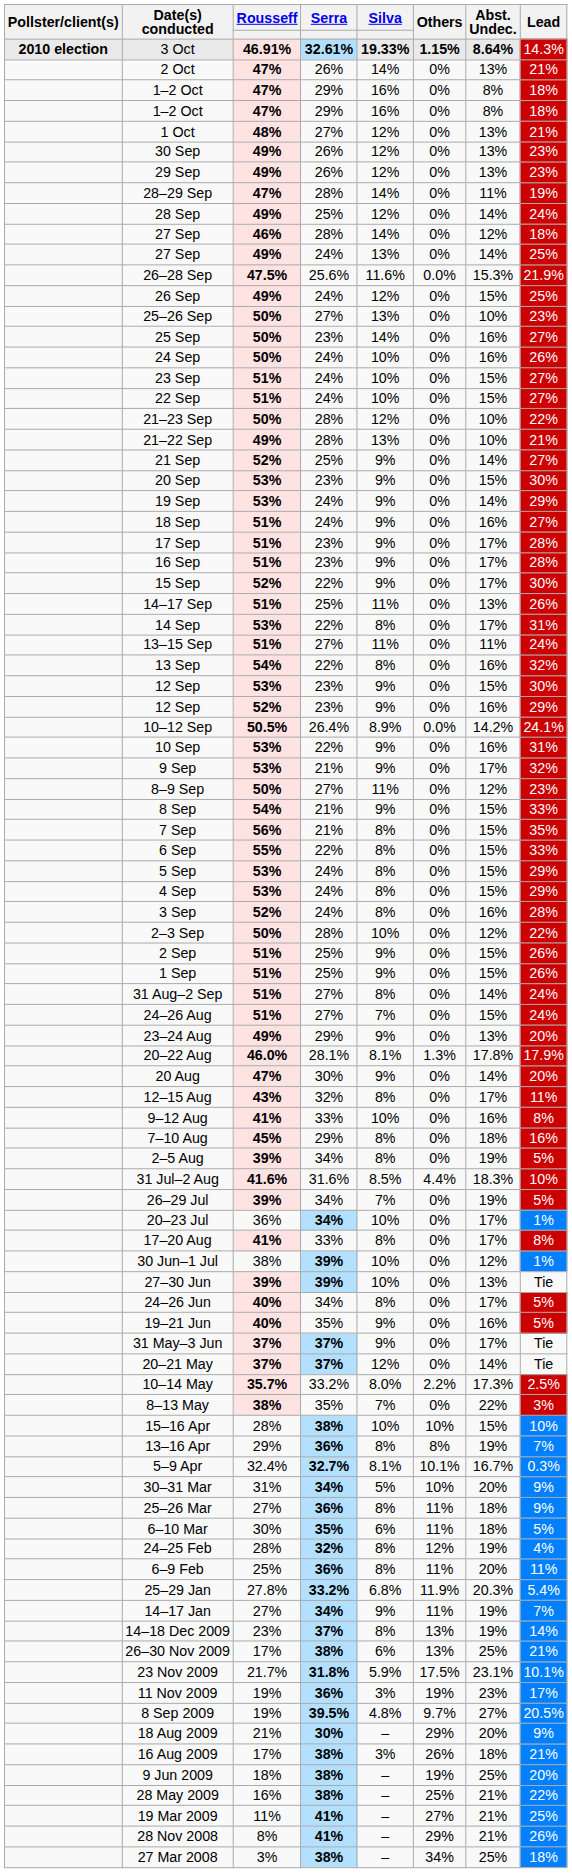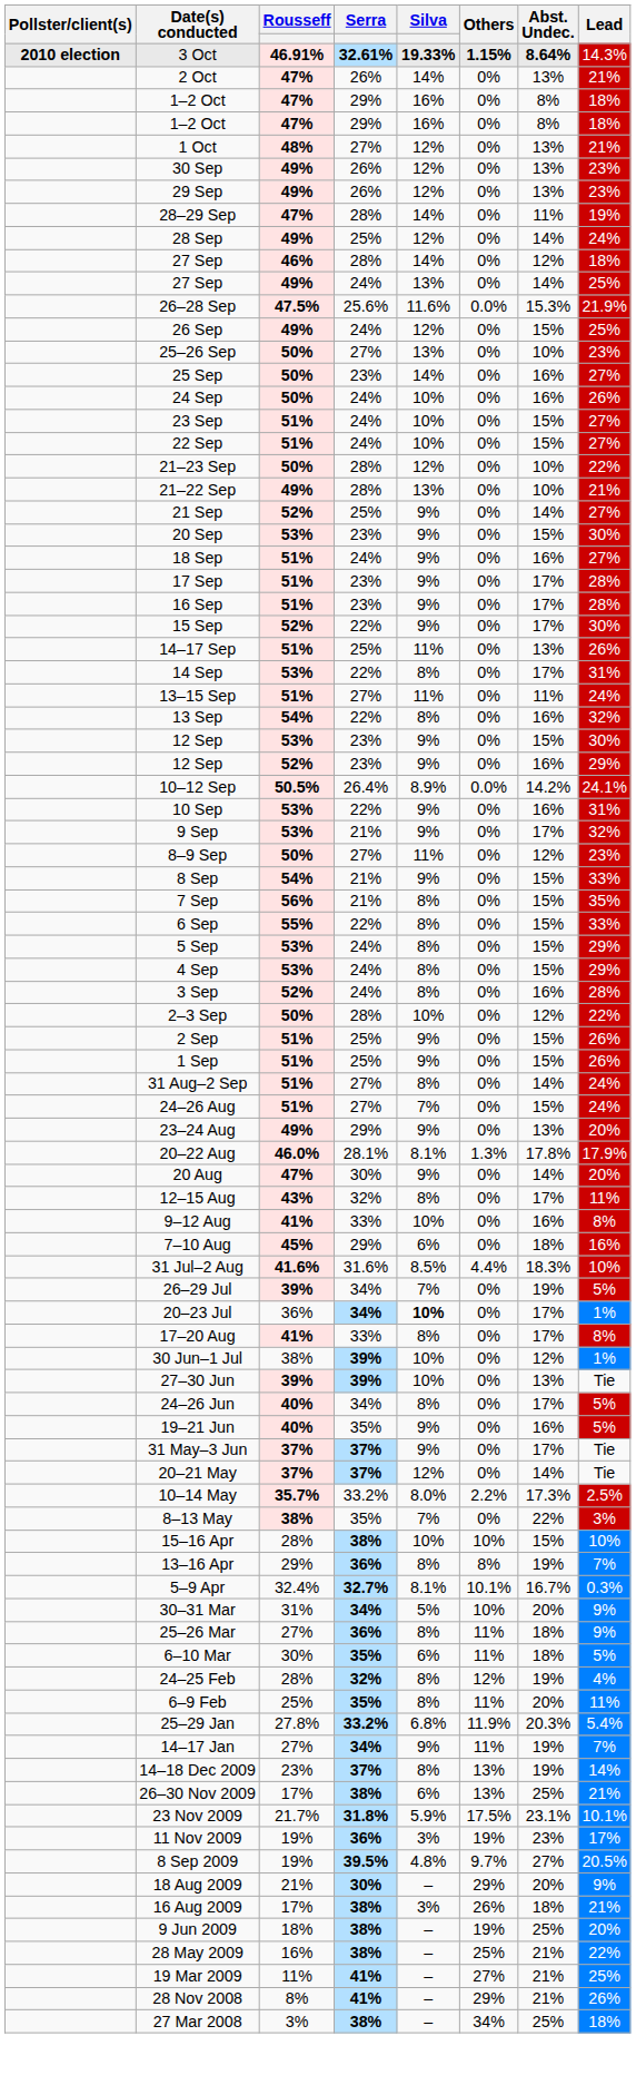 <table class="wikitable sortable" style="text-align:center;font-size:90%;line-height:14px;">
 <tr>
 <th rowspan="2">Pollster/client(s)</th>
 <th rowspan="2">Date(s)<br>conducted</th>
 <th class="unsortable" style="width:50px;"><a href='#'>Rousseff</a><br></th>
 <th class="unsortable" style="width:50px;"><a href='#'>Serra</a><br></th>
 <th class="unsortable" style="width:50px;"><a href='#'>Silva</a><br></th>
 <th rowspan="2" class="unsortable">Others</th>
 <th rowspan="2" class="unsortable">Abst.<br>Undec.</th>
 <th rowspan="2" data-sort-type="number">Lead</th>
 </tr>
 <tr>
 <th data-sort-type="number" class="sortable" style="background:"></th>
 <th data-sort-type="number" class="sortable" style="background:"></th>
 <th data-sort-type="number" class="sortable" style="background:"></th>
 </tr>
 <tr style="background:#E9E9E9;">
 <td><strong>2010 election</strong></td>
 <td>3 Oct</td>
 <td style="background:#FFE3E3"><strong>46.91%</strong></td>
 <td style="background:#B3E0FF"><strong>32.61%</strong></td>
 <td><strong>19.33%</strong></td>
 <td><strong>1.15%</strong></td>
 <td><strong>8.64%</strong></td>
 <td style="background:#CC0000;color:#FFFFFF;">14.3%</td>
 </tr>
 <tr>
 <td></td>
 <td>2 Oct</td>
 <td style="background:#FFE3E3"><strong>47%</strong></td>
 <td>26%</td>
 <td>14%</td>
 <td>0%</td>
 <td>13%</td>
 <td style="background:#CC0000;color:#FFFFFF;">21%</td>
 </tr>
 <tr>
 <td></td>
 <td>1–2 Oct</td>
 <td style="background:#FFE3E3"><strong>47%</strong></td>
 <td>29%</td>
 <td>16%</td>
 <td>0%</td>
 <td>8%</td>
 <td style="background:#CC0000;color:#FFFFFF;">18%</td>
 </tr>
 <tr>
 <td></td>
 <td>1–2 Oct</td>
 <td style="background:#FFE3E3"><strong>47%</strong></td>
 <td>29%</td>
 <td>16%</td>
 <td>0%</td>
 <td>8%</td>
 <td style="background:#CC0000;color:#FFFFFF;">18%</td>
 </tr>
 <tr>
 <td></td>
 <td>1 Oct</td>
 <td style="background:#FFE3E3"><strong>48%</strong></td>
 <td>27%</td>
 <td>12%</td>
 <td>0%</td>
 <td>13%</td>
 <td style="background:#CC0000;color:#FFFFFF;">21%</td>
 </tr>
 <tr>
 <td></td>
 <td>30 Sep</td>
 <td style="background:#FFE3E3"><strong>49%</strong></td>
 <td>26%</td>
 <td>12%</td>
 <td>0%</td>
 <td>13%</td>
 <td style="background:#CC0000;color:#FFFFFF;">23%</td>
 </tr>
 <tr>
 <td></td>
 <td>29 Sep</td>
 <td style="background:#FFE3E3"><strong>49%</strong></td>
 <td>26%</td>
 <td>12%</td>
 <td>0%</td>
 <td>13%</td>
 <td style="background:#CC0000;color:#FFFFFF;">23%</td>
 </tr>
 <tr>
 <td></td>
 <td>28–29 Sep</td>
 <td style="background:#FFE3E3"><strong>47%</strong></td>
 <td>28%</td>
 <td>14%</td>
 <td>0%</td>
 <td>11%</td>
 <td style="background:#CC0000;color:#FFFFFF;">19%</td>
 </tr>
 <tr>
 <td></td>
 <td>28 Sep</td>
 <td style="background:#FFE3E3"><strong>49%</strong></td>
 <td>25%</td>
 <td>12%</td>
 <td>0%</td>
 <td>14%</td>
 <td style="background:#CC0000;color:#FFFFFF;">24%</td>
 </tr>
 <tr>
 <td></td>
 <td>27 Sep</td>
 <td style="background:#FFE3E3"><strong>46%</strong></td>
 <td>28%</td>
 <td>14%</td>
 <td>0%</td>
 <td>12%</td>
 <td style="background:#CC0000;color:#FFFFFF;">18%</td>
 </tr>
 <tr>
 <td></td>
 <td>27 Sep</td>
 <td style="background:#FFE3E3"><strong>49%</strong></td>
 <td>24%</td>
 <td>13%</td>
 <td>0%</td>
 <td>14%</td>
 <td style="background:#CC0000;color:#FFFFFF;">25%</td>
 </tr>
 <tr>
 <td></td>
 <td>26–28 Sep</td>
 <td style="background:#FFE3E3"><strong>47.5%</strong></td>
 <td>25.6%</td>
 <td>11.6%</td>
 <td>0.0%</td>
 <td>15.3%</td>
 <td style="background:#CC0000;color:#FFFFFF;">21.9%</td>
 </tr>
 <tr>
 <td></td>
 <td>26 Sep</td>
 <td style="background:#FFE3E3"><strong>49%</strong></td>
 <td>24%</td>
 <td>12%</td>
 <td>0%</td>
 <td>15%</td>
 <td style="background:#CC0000;color:#FFFFFF;">25%</td>
 </tr>
 <tr>
 <td></td>
 <td>25–26 Sep</td>
 <td style="background:#FFE3E3"><strong>50%</strong></td>
 <td>27%</td>
 <td>13%</td>
 <td>0%</td>
 <td>10%</td>
 <td style="background:#CC0000;color:#FFFFFF;">23%</td>
 </tr>
 <tr>
 <td></td>
 <td>25 Sep</td>
 <td style="background:#FFE3E3"><strong>50%</strong></td>
 <td>23%</td>
 <td>14%</td>
 <td>0%</td>
 <td>16%</td>
 <td style="background:#CC0000;color:#FFFFFF;">27%</td>
 </tr>
 <tr>
 <td></td>
 <td>24 Sep</td>
 <td style="background:#FFE3E3"><strong>50%</strong></td>
 <td>24%</td>
 <td>10%</td>
 <td>0%</td>
 <td>16%</td>
 <td style="background:#CC0000;color:#FFFFFF;">26%</td>
 </tr>
 <tr>
 <td></td>
 <td>23 Sep</td>
 <td style="background:#FFE3E3"><strong>51%</strong></td>
 <td>24%</td>
 <td>10%</td>
 <td>0%</td>
 <td>15%</td>
 <td style="background:#CC0000;color:#FFFFFF;">27%</td>
 </tr>
 <tr>
 <td></td>
 <td>22 Sep</td>
 <td style="background:#FFE3E3"><strong>51%</strong></td>
 <td>24%</td>
 <td>10%</td>
 <td>0%</td>
 <td>15%</td>
 <td style="background:#CC0000;color:#FFFFFF;">27%</td>
 </tr>
 <tr>
 <td></td>
 <td>21–23 Sep</td>
 <td style="background:#FFE3E3"><strong>50%</strong></td>
 <td>28%</td>
 <td>12%</td>
 <td>0%</td>
 <td>10%</td>
 <td style="background:#CC0000;color:#FFFFFF;">22%</td>
 </tr>
 <tr>
 <td></td>
 <td>21–22 Sep</td>
 <td style="background:#FFE3E3"><strong>49%</strong></td>
 <td>28%</td>
 <td>13%</td>
 <td>0%</td>
 <td>10%</td>
 <td style="background:#CC0000;color:#FFFFFF;">21%</td>
 </tr>
 <tr>
 <td></td>
 <td>21 Sep</td>
 <td style="background:#FFE3E3"><strong>52%</strong></td>
 <td>25%</td>
 <td>9%</td>
 <td>0%</td>
 <td>14%</td>
 <td style="background:#CC0000;color:#FFFFFF;">27%</td>
 </tr>
 <tr>
 <td></td>
 <td>20 Sep</td>
 <td style="background:#FFE3E3"><strong>53%</strong></td>
 <td>23%</td>
 <td>9%</td>
 <td>0%</td>
 <td>15%</td>
 <td style="background:#CC0000;color:#FFFFFF;">30%</td>
-</tr>
-<tr>
-<td></td>
-<td>19 Sep</td>
-<td style="background:#FFE3E3"><strong>53%</strong></td>
-<td>24%</td>
-<td>9%</td>
-<td>0%</td>
-<td>14%</td>
-<td style="background:#CC0000;color:#FFFFFF;">29%</td>
 </tr>
 <tr>
 <td></td>
 <td>18 Sep</td>
 <td style="background:#FFE3E3"><strong>51%</strong></td>
 <td>24%</td>
 <td>9%</td>
 <td>0%</td>
 <td>16%</td>
 <td style="background:#CC0000;color:#FFFFFF;">27%</td>
 </tr>
 <tr>
 <td></td>
 <td>17 Sep</td>
 <td style="background:#FFE3E3"><strong>51%</strong></td>
 <td>23%</td>
 <td>9%</td>
 <td>0%</td>
 <td>17%</td>
 <td style="background:#CC0000;color:#FFFFFF;">28%</td>
 </tr>
 <tr>
 <td></td>
 <td>16 Sep</td>
 <td style="background:#FFE3E3"><strong>51%</strong></td>
 <td>23%</td>
 <td>9%</td>
 <td>0%</td>
 <td>17%</td>
 <td style="background:#CC0000;color:#FFFFFF;">28%</td>
 </tr>
 <tr>
 <td></td>
 <td>15 Sep</td>
 <td style="background:#FFE3E3"><strong>52%</strong></td>
 <td>22%</td>
 <td>9%</td>
 <td>0%</td>
 <td>17%</td>
 <td style="background:#CC0000;color:#FFFFFF;">30%</td>
 </tr>
 <tr>
 <td></td>
 <td>14–17 Sep</td>
 <td style="background:#FFE3E3"><strong>51%</strong></td>
 <td>25%</td>
 <td>11%</td>
 <td>0%</td>
 <td>13%</td>
 <td style="background:#CC0000;color:#FFFFFF;">26%</td>
 </tr>
 <tr>
 <td></td>
 <td>14 Sep</td>
 <td style="background:#FFE3E3"><strong>53%</strong></td>
 <td>22%</td>
 <td>8%</td>
 <td>0%</td>
 <td>17%</td>
 <td style="background:#CC0000;color:#FFFFFF;">31%</td>
 </tr>
 <tr>
 <td></td>
 <td>13–15 Sep</td>
 <td style="background:#FFE3E3"><strong>51%</strong></td>
 <td>27%</td>
 <td>11%</td>
 <td>0%</td>
 <td>11%</td>
 <td style="background:#CC0000;color:#FFFFFF;">24%</td>
 </tr>
 <tr>
 <td></td>
 <td>13 Sep</td>
 <td style="background:#FFE3E3"><strong>54%</strong></td>
 <td>22%</td>
 <td>8%</td>
 <td>0%</td>
 <td>16%</td>
 <td style="background:#CC0000;color:#FFFFFF;">32%</td>
 </tr>
 <tr>
 <td></td>
 <td>12 Sep</td>
 <td style="background:#FFE3E3"><strong>53%</strong></td>
 <td>23%</td>
 <td>9%</td>
 <td>0%</td>
 <td>15%</td>
 <td style="background:#CC0000;color:#FFFFFF;">30%</td>
 </tr>
 <tr>
 <td></td>
 <td>12 Sep</td>
 <td style="background:#FFE3E3"><strong>52%</strong></td>
 <td>23%</td>
 <td>9%</td>
 <td>0%</td>
 <td>16%</td>
 <td style="background:#CC0000;color:#FFFFFF;">29%</td>
 </tr>
 <tr>
 <td></td>
 <td>10–12 Sep</td>
 <td style="background:#FFE3E3"><strong>50.5%</strong></td>
 <td>26.4%</td>
 <td>8.9%</td>
 <td>0.0%</td>
 <td>14.2%</td>
 <td style="background:#CC0000;color:#FFFFFF;">24.1%</td>
 </tr>
 <tr>
 <td></td>
 <td>10 Sep</td>
 <td style="background:#FFE3E3"><strong>53%</strong></td>
 <td>22%</td>
 <td>9%</td>
 <td>0%</td>
 <td>16%</td>
 <td style="background:#CC0000;color:#FFFFFF;">31%</td>
 </tr>
 <tr>
 <td></td>
 <td>9 Sep</td>
 <td style="background:#FFE3E3"><strong>53%</strong></td>
 <td>21%</td>
 <td>9%</td>
 <td>0%</td>
 <td>17%</td>
 <td style="background:#CC0000;color:#FFFFFF;">32%</td>
 </tr>
 <tr>
 <td></td>
 <td>8–9 Sep</td>
 <td style="background:#FFE3E3"><strong>50%</strong></td>
 <td>27%</td>
 <td>11%</td>
 <td>0%</td>
 <td>12%</td>
 <td style="background:#CC0000;color:#FFFFFF;">23%</td>
 </tr>
 <tr>
 <td></td>
 <td>8 Sep</td>
 <td style="background:#FFE3E3"><strong>54%</strong></td>
 <td>21%</td>
 <td>9%</td>
 <td>0%</td>
 <td>15%</td>
 <td style="background:#CC0000;color:#FFFFFF;">33%</td>
 </tr>
 <tr>
 <td></td>
 <td>7 Sep</td>
 <td style="background:#FFE3E3"><strong>56%</strong></td>
 <td>21%</td>
 <td>8%</td>
 <td>0%</td>
 <td>15%</td>
 <td style="background:#CC0000;color:#FFFFFF;">35%</td>
 </tr>
 <tr>
 <td></td>
 <td>6 Sep</td>
 <td style="background:#FFE3E3"><strong>55%</strong></td>
 <td>22%</td>
 <td>8%</td>
 <td>0%</td>
 <td>15%</td>
 <td style="background:#CC0000;color:#FFFFFF;">33%</td>
 </tr>
 <tr>
 <td></td>
 <td>5 Sep</td>
 <td style="background:#FFE3E3"><strong>53%</strong></td>
 <td>24%</td>
 <td>8%</td>
 <td>0%</td>
 <td>15%</td>
 <td style="background:#CC0000;color:#FFFFFF;">29%</td>
 </tr>
 <tr>
 <td></td>
 <td>4 Sep</td>
 <td style="background:#FFE3E3"><strong>53%</strong></td>
 <td>24%</td>
 <td>8%</td>
 <td>0%</td>
 <td>15%</td>
 <td style="background:#CC0000;color:#FFFFFF;">29%</td>
 </tr>
 <tr>
 <td></td>
 <td>3 Sep</td>
 <td style="background:#FFE3E3"><strong>52%</strong></td>
 <td>24%</td>
 <td>8%</td>
 <td>0%</td>
 <td>16%</td>
 <td style="background:#CC0000;color:#FFFFFF;">28%</td>
 </tr>
 <tr>
 <td></td>
 <td>2–3 Sep</td>
 <td style="background:#FFE3E3"><strong>50%</strong></td>
 <td>28%</td>
 <td>10%</td>
 <td>0%</td>
 <td>12%</td>
 <td style="background:#CC0000;color:#FFFFFF;">22%</td>
 </tr>
 <tr>
 <td></td>
 <td>2 Sep</td>
 <td style="background:#FFE3E3"><strong>51%</strong></td>
 <td>25%</td>
 <td>9%</td>
 <td>0%</td>
 <td>15%</td>
 <td style="background:#CC0000;color:#FFFFFF;">26%</td>
 </tr>
 <tr>
 <td></td>
 <td>1 Sep</td>
 <td style="background:#FFE3E3"><strong>51%</strong></td>
 <td>25%</td>
 <td>9%</td>
 <td>0%</td>
 <td>15%</td>
 <td style="background:#CC0000;color:#FFFFFF;">26%</td>
 </tr>
 <tr>
 <td></td>
 <td>31 Aug–2 Sep</td>
 <td style="background:#FFE3E3"><strong>51%</strong></td>
 <td>27%</td>
 <td>8%</td>
 <td>0%</td>
 <td>14%</td>
 <td style="background:#CC0000;color:#FFFFFF;">24%</td>
 </tr>
 <tr>
 <td></td>
 <td>24–26 Aug</td>
 <td style="background:#FFE3E3"><strong>51%</strong></td>
 <td>27%</td>
 <td>7%</td>
 <td>0%</td>
 <td>15%</td>
 <td style="background:#CC0000;color:#FFFFFF;">24%</td>
 </tr>
 <tr>
 <td></td>
 <td>23–24 Aug</td>
 <td style="background:#FFE3E3"><strong>49%</strong></td>
 <td>29%</td>
 <td>9%</td>
 <td>0%</td>
 <td>13%</td>
 <td style="background:#CC0000;color:#FFFFFF;">20%</td>
 </tr>
 <tr>
 <td></td>
 <td>20–22 Aug</td>
 <td style="background:#FFE3E3"><strong>46.0%</strong></td>
 <td>28.1%</td>
 <td>8.1%</td>
 <td>1.3%</td>
 <td>17.8%</td>
 <td style="background:#CC0000;color:#FFFFFF;">17.9%</td>
 </tr>
 <tr>
 <td></td>
 <td>20 Aug</td>
 <td style="background:#FFE3E3"><strong>47%</strong></td>
 <td>30%</td>
 <td>9%</td>
 <td>0%</td>
 <td>14%</td>
 <td style="background:#CC0000;color:#FFFFFF;">20%</td>
 </tr>
 <tr>
 <td></td>
 <td>12–15 Aug</td>
 <td style="background:#FFE3E3"><strong>43%</strong></td>
 <td>32%</td>
 <td>8%</td>
 <td>0%</td>
 <td>17%</td>
 <td style="background:#CC0000;color:#FFFFFF;">11%</td>
 </tr>
 <tr>
 <td></td>
 <td>9–12 Aug</td>
 <td style="background:#FFE3E3"><strong>41%</strong></td>
 <td>33%</td>
 <td>10%</td>
 <td>0%</td>
 <td>16%</td>
 <td style="background:#CC0000;color:#FFFFFF;">8%</td>
 </tr>
 <tr>
 <td></td>
 <td>7–10 Aug</td>
 <td style="background:#FFE3E3"><strong>45%</strong></td>
 <td>29%</td>
-<td>8%</td>
+<td>6%</td>
 <td>0%</td>
 <td>18%</td>
 <td style="background:#CC0000;color:#FFFFFF;">16%</td>
-</tr>
-<tr>
-<td></td>
-<td>2–5 Aug</td>
-<td style="background:#FFE3E3"><strong>39%</strong></td>
-<td>34%</td>
-<td>8%</td>
-<td>0%</td>
-<td>19%</td>
-<td style="background:#CC0000;color:#FFFFFF;">5%</td>
 </tr>
 <tr>
 <td></td>
 <td>31 Jul–2 Aug</td>
 <td style="background:#FFE3E3"><strong>41.6%</strong></td>
 <td>31.6%</td>
 <td>8.5%</td>
 <td>4.4%</td>
 <td>18.3%</td>
 <td style="background:#CC0000;color:#FFFFFF;">10%</td>
 </tr>
 <tr>
 <td></td>
 <td>26–29 Jul</td>
 <td style="background:#FFE3E3"><strong>39%</strong></td>
 <td>34%</td>
 <td>7%</td>
 <td>0%</td>
 <td>19%</td>
 <td style="background:#CC0000;color:#FFFFFF;">5%</td>
 </tr>
 <tr>
 <td></td>
 <td>20–23 Jul</td>
 <td>36%</td>
 <td style="background:#B3E0FF"><strong>34%</strong></td>
-<td>10%</td>
+<td><strong>10%</strong></td>
 <td>0%</td>
 <td>17%</td>
 <td style="background:#0080FF;color:#FFFFFF;">1%</td>
 </tr>
 <tr>
 <td></td>
 <td>17–20 Aug</td>
 <td style="background:#FFE3E3"><strong>41%</strong></td>
 <td>33%</td>
 <td>8%</td>
 <td>0%</td>
 <td>17%</td>
 <td style="background:#CC0000;color:#FFFFFF;">8%</td>
 </tr>
 <tr>
 <td></td>
 <td>30 Jun–1 Jul</td>
 <td>38%</td>
 <td style="background:#B3E0FF"><strong>39%</strong></td>
 <td>10%</td>
 <td>0%</td>
 <td>12%</td>
 <td style="background:#0080FF;color:#FFFFFF;">1%</td>
 </tr>
 <tr>
 <td></td>
 <td>27–30 Jun</td>
 <td style="background:#FFE3E3"><strong>39%</strong></td>
 <td style="background:#B3E0FF"><strong>39%</strong></td>
 <td>10%</td>
 <td>0%</td>
 <td>13%</td>
 <td>Tie</td>
 </tr>
 <tr>
 <td></td>
 <td>24–26 Jun</td>
 <td style="background:#FFE3E3"><strong>40%</strong></td>
 <td>34%</td>
 <td>8%</td>
 <td>0%</td>
 <td>17%</td>
 <td style="background:#CC0000;color:#FFFFFF;">5%</td>
 </tr>
 <tr>
 <td></td>
 <td>19–21 Jun</td>
 <td style="background:#FFE3E3"><strong>40%</strong></td>
 <td>35%</td>
 <td>9%</td>
 <td>0%</td>
 <td>16%</td>
 <td style="background:#CC0000;color:#FFFFFF;">5%</td>
 </tr>
 <tr>
 <td></td>
 <td>31 May–3 Jun</td>
 <td style="background:#FFE3E3"><strong>37%</strong></td>
 <td style="background:#B3E0FF"><strong>37%</strong></td>
 <td>9%</td>
 <td>0%</td>
 <td>17%</td>
 <td>Tie</td>
 </tr>
 <tr>
 <td></td>
 <td>20–21 May</td>
 <td style="background:#FFE3E3"><strong>37%</strong></td>
 <td style="background:#B3E0FF"><strong>37%</strong></td>
 <td>12%</td>
 <td>0%</td>
 <td>14%</td>
 <td>Tie</td>
 </tr>
 <tr>
 <td></td>
 <td>10–14 May</td>
 <td style="background:#FFE3E3"><strong>35.7%</strong></td>
 <td>33.2%</td>
 <td>8.0%</td>
 <td>2.2%</td>
 <td>17.3%</td>
 <td style="background:#CC0000;color:#FFFFFF;">2.5%</td>
 </tr>
 <tr>
 <td></td>
 <td>8–13 May</td>
 <td style="background:#FFE3E3"><strong>38%</strong></td>
 <td>35%</td>
 <td>7%</td>
 <td>0%</td>
 <td>22%</td>
 <td style="background:#CC0000;color:#FFFFFF;">3%</td>
 </tr>
 <tr>
 <td></td>
 <td>15–16 Apr</td>
 <td>28%</td>
 <td style="background:#B3E0FF"><strong>38%</strong></td>
 <td>10%</td>
 <td>10%</td>
 <td>15%</td>
 <td style="background:#0080FF;color:#FFFFFF;">10%</td>
 </tr>
 <tr>
 <td></td>
 <td>13–16 Apr</td>
 <td>29%</td>
 <td style="background:#B3E0FF"><strong>36%</strong></td>
 <td>8%</td>
 <td>8%</td>
 <td>19%</td>
 <td style="background:#0080FF;color:#FFFFFF;">7%</td>
 </tr>
 <tr>
 <td></td>
 <td>5–9 Apr</td>
 <td>32.4%</td>
 <td style="background:#B3E0FF"><strong>32.7%</strong></td>
 <td>8.1%</td>
 <td>10.1%</td>
 <td>16.7%</td>
 <td style="background:#0080FF;color:#FFFFFF;">0.3%</td>
 </tr>
 <tr>
 <td></td>
 <td>30–31 Mar</td>
 <td>31%</td>
 <td style="background:#B3E0FF"><strong>34%</strong></td>
 <td>5%</td>
 <td>10%</td>
 <td>20%</td>
 <td style="background:#0080FF;color:#FFFFFF;">9%</td>
 </tr>
 <tr>
 <td></td>
 <td>25–26 Mar</td>
 <td>27%</td>
 <td style="background:#B3E0FF"><strong>36%</strong></td>
 <td>8%</td>
 <td>11%</td>
 <td>18%</td>
 <td style="background:#0080FF;color:#FFFFFF;">9%</td>
 </tr>
 <tr>
 <td></td>
 <td>6–10 Mar</td>
 <td>30%</td>
 <td style="background:#B3E0FF"><strong>35%</strong></td>
 <td>6%</td>
 <td>11%</td>
 <td>18%</td>
 <td style="background:#0080FF;color:#FFFFFF;">5%</td>
 </tr>
 <tr>
 <td></td>
 <td>24–25 Feb</td>
 <td>28%</td>
 <td style="background:#B3E0FF"><strong>32%</strong></td>
 <td>8%</td>
 <td>12%</td>
 <td>19%</td>
 <td style="background:#0080FF;color:#FFFFFF;">4%</td>
 </tr>
 <tr>
 <td></td>
 <td>6–9 Feb</td>
 <td>25%</td>
-<td style="background:#B3E0FF"><strong>36%</strong></td>
+<td style="background:#B3E0FF"><strong>35%</strong></td>
 <td>8%</td>
 <td>11%</td>
 <td>20%</td>
 <td style="background:#0080FF;color:#FFFFFF;">11%</td>
 </tr>
 <tr>
 <td></td>
 <td>25–29 Jan</td>
 <td>27.8%</td>
 <td style="background:#B3E0FF"><strong>33.2%</strong></td>
 <td>6.8%</td>
 <td>11.9%</td>
 <td>20.3%</td>
 <td style="background:#0080FF;color:#FFFFFF;">5.4%</td>
 </tr>
 <tr>
 <td></td>
 <td>14–17 Jan</td>
 <td>27%</td>
 <td style="background:#B3E0FF"><strong>34%</strong></td>
 <td>9%</td>
 <td>11%</td>
 <td>19%</td>
 <td style="background:#0080FF;color:#FFFFFF;">7%</td>
 </tr>
 <tr>
 <td></td>
 <td>14–18 Dec 2009</td>
 <td>23%</td>
 <td style="background:#B3E0FF"><strong>37%</strong></td>
 <td>8%</td>
 <td>13%</td>
 <td>19%</td>
 <td style="background:#0080FF;color:#FFFFFF;">14%</td>
 </tr>
 <tr>
 <td></td>
 <td>26–30 Nov 2009</td>
 <td>17%</td>
 <td style="background:#B3E0FF"><strong>38%</strong></td>
 <td>6%</td>
 <td>13%</td>
 <td>25%</td>
 <td style="background:#0080FF;color:#FFFFFF;">21%</td>
 </tr>
 <tr>
 <td></td>
 <td>23 Nov 2009</td>
 <td>21.7%</td>
 <td style="background:#B3E0FF"><strong>31.8%</strong></td>
 <td>5.9%</td>
 <td>17.5%</td>
 <td>23.1%</td>
 <td style="background:#0080FF;color:#FFFFFF;">10.1%</td>
 </tr>
 <tr>
 <td></td>
 <td>11 Nov 2009</td>
 <td>19%</td>
 <td style="background:#B3E0FF"><strong>36%</strong></td>
 <td>3%</td>
 <td>19%</td>
 <td>23%</td>
 <td style="background:#0080FF;color:#FFFFFF;">17%</td>
 </tr>
 <tr>
 <td></td>
 <td>8 Sep 2009</td>
 <td>19%</td>
 <td style="background:#B3E0FF"><strong>39.5%</strong></td>
 <td>4.8%</td>
 <td>9.7%</td>
 <td>27%</td>
 <td style="background:#0080FF;color:#FFFFFF;">20.5%</td>
 </tr>
 <tr>
 <td></td>
 <td>18 Aug 2009</td>
 <td>21%</td>
 <td style="background:#B3E0FF"><strong>30%</strong></td>
 <td>–</td>
 <td>29%</td>
 <td>20%</td>
 <td style="background:#0080FF;color:#FFFFFF;">9%</td>
 </tr>
 <tr>
 <td></td>
 <td>16 Aug 2009</td>
 <td>17%</td>
 <td style="background:#B3E0FF"><strong>38%</strong></td>
 <td>3%</td>
 <td>26%</td>
 <td>18%</td>
 <td style="background:#0080FF;color:#FFFFFF;">21%</td>
 </tr>
 <tr>
 <td></td>
 <td>9 Jun 2009</td>
 <td>18%</td>
 <td style="background:#B3E0FF"><strong>38%</strong></td>
 <td>–</td>
 <td>19%</td>
 <td>25%</td>
 <td style="background:#0080FF;color:#FFFFFF;">20%</td>
 </tr>
 <tr>
 <td></td>
 <td>28 May 2009</td>
 <td>16%</td>
 <td style="background:#B3E0FF"><strong>38%</strong></td>
 <td>–</td>
 <td>25%</td>
 <td>21%</td>
 <td style="background:#0080FF;color:#FFFFFF;">22%</td>
 </tr>
 <tr>
 <td></td>
 <td>19 Mar 2009</td>
 <td>11%</td>
 <td style="background:#B3E0FF"><strong>41%</strong></td>
 <td>–</td>
 <td>27%</td>
 <td>21%</td>
 <td style="background:#0080FF;color:#FFFFFF;">25%</td>
 </tr>
 <tr>
 <td></td>
 <td>28 Nov 2008</td>
 <td>8%</td>
 <td style="background:#B3E0FF"><strong>41%</strong></td>
 <td>–</td>
 <td>29%</td>
 <td>21%</td>
 <td style="background:#0080FF;color:#FFFFFF;">26%</td>
 </tr>
 <tr>
 <td></td>
 <td>27 Mar 2008</td>
 <td>3%</td>
 <td style="background:#B3E0FF"><strong>38%</strong></td>
 <td>–</td>
 <td>34%</td>
 <td>25%</td>
 <td style="background:#0080FF;color:#FFFFFF;">18%</td>
 </tr>
 </table>
